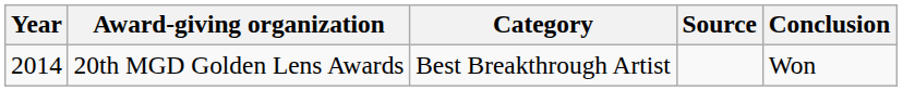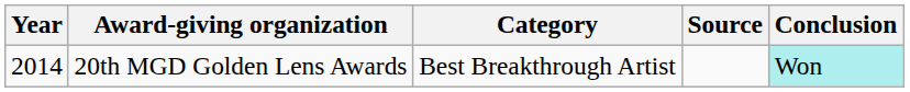 <table class="wikitable">
 <tr>
 <th>Year</th>
 <th>Award-giving organization</th>
 <th>Category</th>
 <th>Source</th>
 <th>Conclusion</th>
 </tr>
 <tr>
 <td rowspan="5">2014</td>
 <td>20th MGD Golden Lens Awards</td>
 <td>Best Breakthrough Artist</td>
 <td></td>
-<td>Won</td>
+<td style="background: paleturquoise;">Won</td>
 </tr>
 </table>
